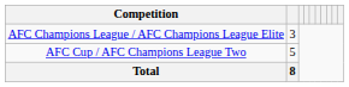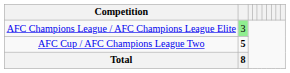 <table class="wikitable" style="text-align: center;">
 <tr>
 <th scope="col">Competition</th>
 <th></th>
 <th></th>
 <th></th>
 <th></th>
 <th></th>
 <th></th>
 <th></th>
 <th></th>
 <th></th>
 </tr>
 <tr>
 <td><a href='#'>AFC Champions League / AFC Champions League Elite</a></td>
-<td>3<br></td>
+<td style="background: lightgreen;">3<br></td>
 </tr>
 <tr>
 <td><a href='#'>AFC Cup / AFC Champions League Two</a></td>
-<td>5<br></td>
+<td><strong>5<br></strong></td>
 </tr>
 <tr>
 <th scope="row"><strong>Total</strong></th>
 <th>8<br></th>
 </tr>
 </table>
